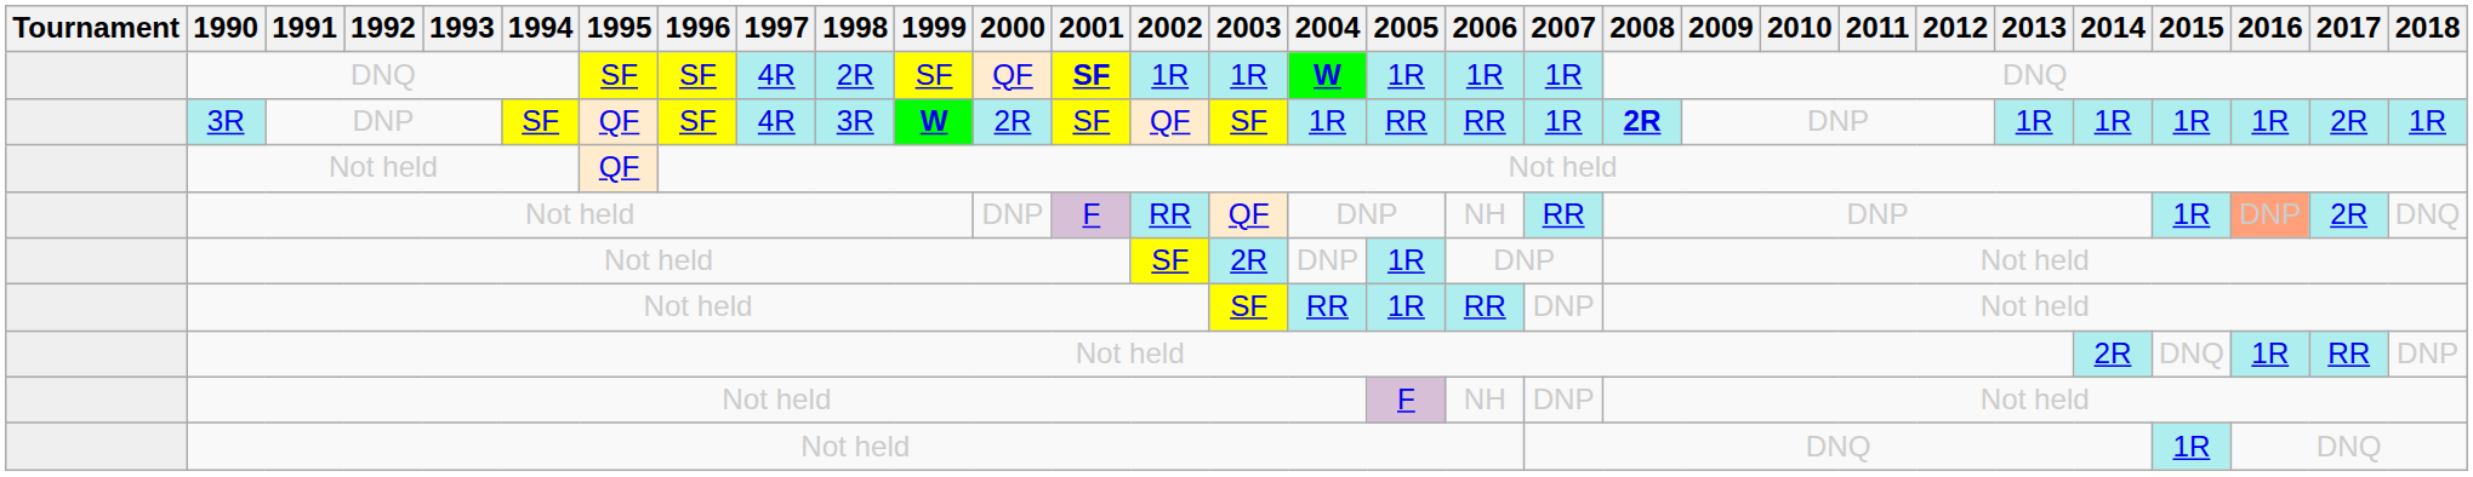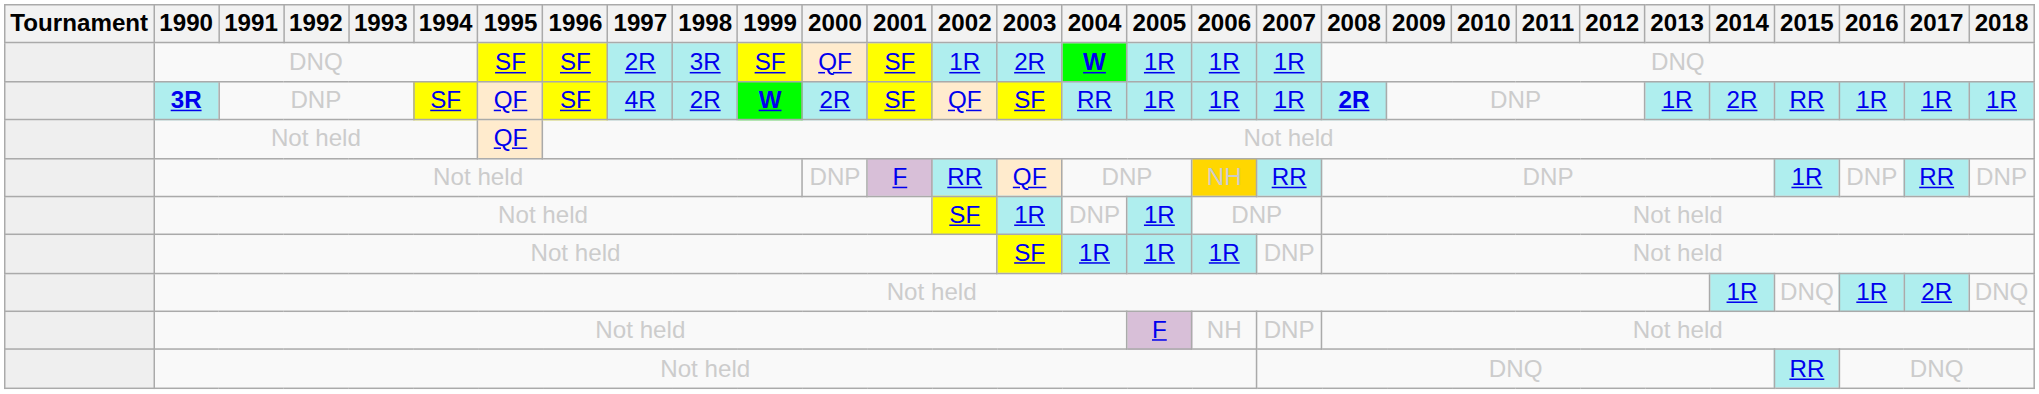 <table class="wikitable" style="width:75%; margin:0">
 <tr>
 <th>Tournament</th>
 <th>1990</th>
 <th>1991</th>
 <th>1992</th>
 <th>1993</th>
 <th>1994</th>
 <th>1995</th>
 <th>1996</th>
 <th>1997</th>
 <th>1998</th>
 <th>1999</th>
 <th>2000</th>
 <th>2001</th>
 <th>2002</th>
 <th>2003</th>
 <th>2004</th>
 <th>2005</th>
 <th>2006</th>
 <th>2007</th>
 <th>2008</th>
 <th>2009</th>
 <th>2010</th>
 <th>2011</th>
 <th>2012</th>
 <th>2013</th>
 <th>2014</th>
 <th>2015</th>
 <th>2016</th>
 <th>2017</th>
 <th>2018</th>
 </tr>
 <tr>
 <td style="background:#efefef;"></td>
 <td colspan="5" style="text-align:center; color:#ccc;">DNQ</td>
 <td style="text-align:center; background:yellow;"><a href='#'>SF</a></td>
 <td style="text-align:center; background:yellow;"><a href='#'>SF</a></td>
-<td style="text-align:center; background:#afeeee;"><a href='#'>4R</a></td>
 <td style="text-align:center; background:#afeeee;"><a href='#'>2R</a></td>
+<td style="text-align:center; background:#afeeee;"><a href='#'>3R</a></td>
 <td style="text-align:center; background:yellow;"><a href='#'>SF</a></td>
 <td style="text-align:center; background:#ffebcd;"><a href='#'>QF</a></td>
-<td style="text-align:center; background:yellow;"><strong><a href='#'>SF</a></strong></td>
+<td style="text-align:center; background:yellow;"><a href='#'>SF</a></td>
 <td style="text-align:center; background:#afeeee;"><a href='#'>1R</a></td>
-<td style="text-align:center; background:#afeeee;"><a href='#'>1R</a></td>
+<td style="text-align:center; background:#afeeee;"><a href='#'>2R</a></td>
 <td style="text-align:center; background:lime;"><strong><a href='#'>W</a></strong></td>
 <td style="text-align:center; background:#afeeee;"><a href='#'>1R</a></td>
 <td style="text-align:center; background:#afeeee;"><a href='#'>1R</a></td>
 <td style="text-align:center; background:#afeeee;"><a href='#'>1R</a></td>
 <td colspan="11" style="text-align:center; color:#ccc;">DNQ</td>
 </tr>
 <tr>
 <td style="background:#efefef;"></td>
-<td style="text-align:center; background:#afeeee;"><a href='#'>3R</a></td>
+<td style="text-align:center; background:#afeeee;"><strong><a href='#'>3R</a></strong></td>
 <td colspan="3" style="text-align:center; color:#ccc;">DNP</td>
 <td style="text-align:center; background:yellow;"><a href='#'>SF</a></td>
 <td style="text-align:center; background:#ffebcd;"><a href='#'>QF</a></td>
 <td style="text-align:center; background:yellow;"><a href='#'>SF</a></td>
 <td style="text-align:center; background:#afeeee;"><a href='#'>4R</a></td>
-<td style="text-align:center; background:#afeeee;"><a href='#'>3R</a></td>
+<td style="text-align:center; background:#afeeee;"><a href='#'>2R</a></td>
 <td style="text-align:center; background:lime;"><strong><a href='#'>W</a></strong></td>
 <td style="text-align:center; background:#afeeee;"><a href='#'>2R</a></td>
 <td style="text-align:center; background:yellow;"><a href='#'>SF</a></td>
 <td style="text-align:center; background:#ffebcd;"><a href='#'>QF</a></td>
 <td style="text-align:center; background:yellow;"><a href='#'>SF</a></td>
+<td style="text-align:center; background:#afeeee;"><a href='#'>RR</a></td>
 <td style="text-align:center; background:#afeeee;"><a href='#'>1R</a></td>
-<td style="text-align:center; background:#afeeee;"><a href='#'>RR</a></td>
-<td style="text-align:center; background:#afeeee;"><a href='#'>RR</a></td>
+<td style="text-align:center; background:#afeeee;"><a href='#'>1R</a></td>
 <td style="text-align:center; background:#afeeee;"><a href='#'>1R</a></td>
 <td style="text-align:center; background:#afeeee;"><strong><a href='#'>2R</a></strong></td>
 <td colspan="4" style="text-align:center; color:#ccc;">DNP</td>
 <td style="text-align:center; background:#afeeee;"><a href='#'>1R</a></td>
+<td style="text-align:center; background:#afeeee;"><a href='#'>2R</a></td>
+<td style="text-align:center; background:#afeeee;"><a href='#'>RR</a></td>
 <td style="text-align:center; background:#afeeee;"><a href='#'>1R</a></td>
 <td style="text-align:center; background:#afeeee;"><a href='#'>1R</a></td>
-<td style="text-align:center; background:#afeeee;"><a href='#'>1R</a></td>
-<td style="text-align:center; background:#afeeee;"><a href='#'>2R</a></td>
 <td style="text-align:center; background:#afeeee;"><a href='#'>1R</a></td>
 </tr>
 <tr>
 <td style="background:#efefef;"></td>
 <td colspan="5" style="text-align:center; color:#ccc;">Not held</td>
 <td style="text-align:center; background:#ffebcd;"><a href='#'>QF</a></td>
 <td colspan="24" style="text-align:center; color:#ccc;">Not held</td>
 </tr>
 <tr>
 <td style="background:#efefef;"></td>
 <td colspan="10" style="text-align:center; color:#ccc;">Not held</td>
 <td style="text-align:center; color:#ccc;">DNP</td>
 <td style="text-align:center; background:thistle;"><a href='#'>F</a></td>
 <td style="text-align:center; background:#afeeee;"><a href='#'>RR</a></td>
 <td style="text-align:center; background:#ffebcd;"><a href='#'>QF</a></td>
 <td colspan="2" style="text-align:center; color:#ccc;">DNP</td>
-<td style="text-align:center; color:#ccc;">NH</td>
+<td style="background: gold; text-align:center; color:#ccc;">NH</td>
 <td style="text-align:center; background:#afeeee;"><a href='#'>RR</a></td>
 <td colspan="7" style="text-align:center; color:#ccc;">DNP</td>
 <td style="text-align:center; background:#afeeee;"><a href='#'>1R</a></td>
-<td style="background: lightsalmon; text-align:center; color:#ccc;">DNP</td>
-<td style="text-align:center; background:#afeeee;"><a href='#'>2R</a></td>
-<td style="text-align:center; color:#ccc;">DNQ</td>
+<td style="text-align:center; color:#ccc;">DNP</td>
+<td style="text-align:center; background:#afeeee;"><a href='#'>RR</a></td>
+<td style="text-align:center; color:#ccc;">DNP</td>
 </tr>
 <tr>
 <td style="background:#efefef;"></td>
 <td colspan="12" style="text-align:center; color:#ccc;">Not held</td>
 <td style="text-align:center; background:yellow;"><a href='#'>SF</a></td>
-<td style="text-align:center; background:#afeeee;"><a href='#'>2R</a></td>
+<td style="text-align:center; background:#afeeee;"><a href='#'>1R</a></td>
 <td style="text-align:center; color:#ccc;">DNP</td>
 <td style="text-align:center; background:#afeeee;"><a href='#'>1R</a></td>
 <td colspan="2" style="text-align:center; color:#ccc;">DNP</td>
 <td colspan="11" style="text-align:center; color:#ccc;">Not held</td>
 </tr>
 <tr>
 <td style="background:#efefef;"></td>
 <td colspan="13" style="text-align:center; color:#ccc;">Not held</td>
 <td style="text-align:center; background:yellow;"><a href='#'>SF</a></td>
-<td style="text-align:center; background:#afeeee;"><a href='#'>RR</a></td>
 <td style="text-align:center; background:#afeeee;"><a href='#'>1R</a></td>
-<td style="text-align:center; background:#afeeee;"><a href='#'>RR</a></td>
+<td style="text-align:center; background:#afeeee;"><a href='#'>1R</a></td>
+<td style="text-align:center; background:#afeeee;"><a href='#'>1R</a></td>
 <td style="text-align:center; color:#ccc;">DNP</td>
 <td colspan="11" style="text-align:center; color:#ccc;">Not held</td>
 </tr>
 <tr>
 <td style="background:#efefef;"></td>
 <td colspan="24" style="text-align:center; color:#ccc;">Not held</td>
+<td style="text-align:center; background:#afeeee;"><a href='#'>1R</a></td>
+<td style="text-align:center; color:#ccc;">DNQ</td>
+<td style="text-align:center; background:#afeeee;"><a href='#'>1R</a></td>
 <td style="text-align:center; background:#afeeee;"><a href='#'>2R</a></td>
 <td style="text-align:center; color:#ccc;">DNQ</td>
-<td style="text-align:center; background:#afeeee;"><a href='#'>1R</a></td>
-<td style="text-align:center; background:#afeeee;"><a href='#'>RR</a></td>
-<td style="text-align:center; color:#ccc;">DNP</td>
 </tr>
 <tr>
 <td style="background:#efefef;"></td>
 <td colspan="15" style="text-align:center; color:#ccc;">Not held</td>
 <td style="text-align:center; background:thistle;"><a href='#'>F</a></td>
 <td style="text-align:center; color:#ccc;">NH</td>
 <td style="text-align:center; color:#ccc;">DNP</td>
 <td colspan="11" style="text-align:center; color:#ccc;">Not held</td>
 </tr>
 <tr>
 <td style="background:#efefef;"></td>
 <td colspan="17" style="text-align:center; color:#ccc;">Not held</td>
 <td colspan="8" style="text-align:center; color:#ccc;">DNQ</td>
-<td style="text-align:center; background:#afeeee;"><a href='#'>1R</a></td>
+<td style="text-align:center; background:#afeeee;"><a href='#'>RR</a></td>
 <td colspan="3" style="text-align:center; color:#ccc;">DNQ</td>
 </tr>
 </table>
